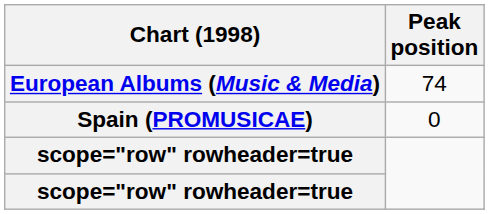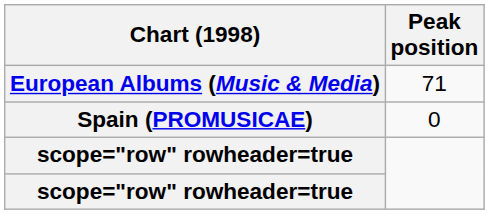 <table class="wikitable sortable plainrowheaders">
 <tr>
 <th>Chart (1998)</th>
 <th>Peak<br>position</th>
 </tr>
 <tr>
 <th scope="row"><a href='#'>European Albums</a> (<em><a href='#'>Music & Media</a></em>)</th>
-<td align="center">74</td>
+<td align="center">71</td>
 </tr>
 <tr>
 <th scope="row">Spain (<a href='#'>PROMUSICAE</a>)</th>
 <td style="text-align:center;">0</td>
 </tr>
 <tr>
 <th>scope="row" rowheader=true</th>
 </tr>
 <tr>
 <th>scope="row" rowheader=true</th>
 </tr>
 </table>
